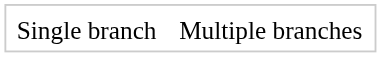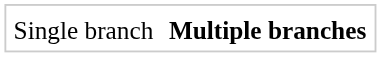 <table border="0" cellpadding="2" cellspacing="0" style="width:200px; font-size:85%; border:1px solid #ccc; margin:0.3em;">
 <tr>
 <td></td>
 <td></td>
 </tr>
 <tr>
 <td align=center>Single branch</td>
-<td align=center>Multiple branches</td>
+<td align=center><strong>Multiple branches</strong></td>
 </tr>
 </table>
